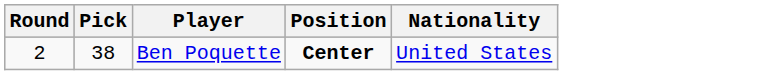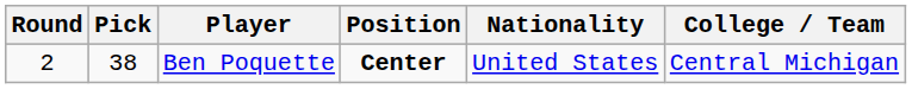 <table class="wikitable sortable sortable">
 <tr>
 <th>Round</th>
 <th>Pick</th>
 <th>Player</th>
 <th>Position</th>
 <th>Nationality</th>
+<th>College / Team</th>
 </tr>
 <tr style="text-align: center">
 <td>2</td>
 <td>38</td>
 <td><a href='#'>Ben Poquette</a></td>
 <td><strong>Center</strong></td>
 <td> <a href='#'>United States</a></td>
+<td><a href='#'>Central Michigan</a></td>
 </tr>
 </table>
